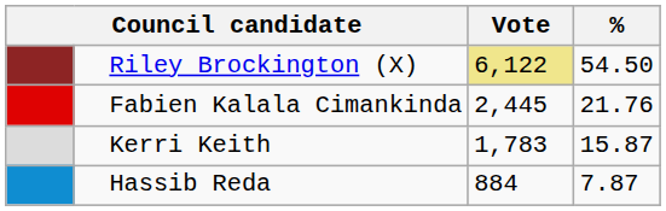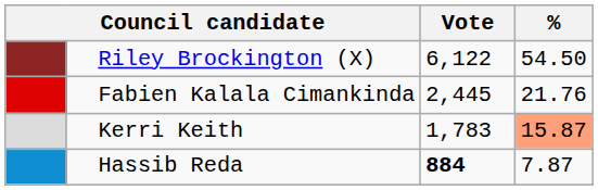 <table class="wikitable">
 <tr>
 <th bgcolor="#DDDDFF" width="230px" colspan="2">Council candidate</th>
 <th bgcolor="#DDDDFF" width="50px">Vote</th>
 <th bgcolor="#DDDDFF" width="30px">%</th>
 </tr>
 <tr>
 <td bgcolor=#8D2424 width="30px"> </td>
 <td>  <a href='#'>Riley Brockington</a> (X)</td>
-<td style="background: khaki;">6,122</td>
+<td>6,122</td>
 <td>54.50</td>
 </tr>
 <tr>
 <td bgcolor=#DF0202 width="30px"> </td>
 <td>  Fabien Kalala Cimankinda</td>
 <td>2,445</td>
 <td>21.76</td>
 </tr>
 <tr>
 <td bgcolor=#DCDCDC width="30px"> </td>
 <td>  Kerri Keith</td>
 <td>1,783</td>
-<td>15.87</td>
+<td style="background: lightsalmon;">15.87</td>
 </tr>
 <tr>
 <td bgcolor=#0F8DD1 width="30px"> </td>
 <td>  Hassib Reda</td>
-<td>884</td>
+<td><strong>884</strong></td>
 <td>7.87</td>
 </tr>
 </table>
